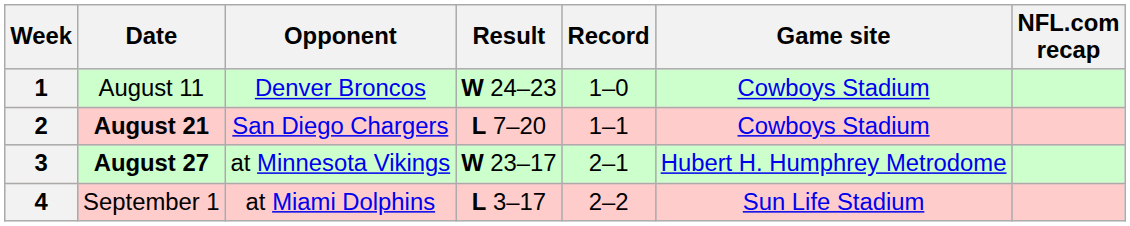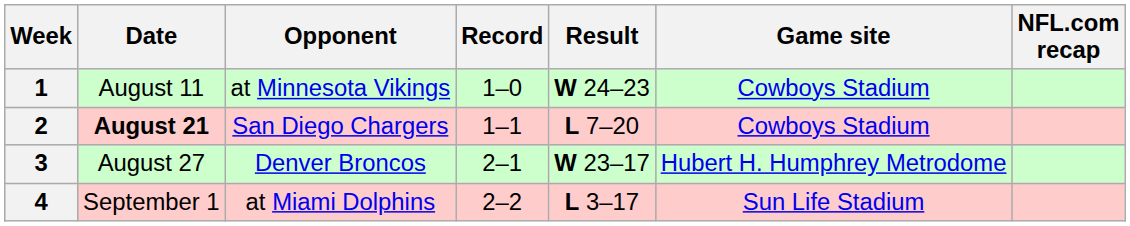 <table class="wikitable" "align=center">
 <tr>
 <th>Week</th>
 <th>Date</th>
 <th>Opponent</th>
+<th>Record</th>
 <th>Result</th>
-<th>Record</th>
 <th>Game site</th>
 <th>NFL.com<br>recap</th>
 </tr>
 <tr style="background:#cfc">
 <th>1</th>
 <td style="text-align:center;">August 11</td>
-<td style="text-align:center;"><a href='#'>Denver Broncos</a></td>
+<td style="text-align:center;">at <a href='#'>Minnesota Vikings</a></td>
+<td style="text-align:center;">1–0</td>
 <td style="text-align:center;"><strong>W</strong> 24–23</td>
-<td style="text-align:center;">1–0</td>
 <td style="text-align:center;"><a href='#'>Cowboys Stadium</a></td>
 <td style="text-align:center;"></td>
 </tr>
 <tr style="background:#ffcccc">
 <th>2</th>
 <td style="text-align:center;"><strong>August 21</strong></td>
 <td style="text-align:center;"><a href='#'>San Diego Chargers</a></td>
+<td style="text-align:center;">1–1</td>
 <td style="text-align:center;"><strong>L</strong> 7–20</td>
-<td style="text-align:center;">1–1</td>
 <td style="text-align:center;"><a href='#'>Cowboys Stadium</a></td>
 <td style="text-align:center;"></td>
 </tr>
 <tr style="background:#cfc">
 <th>3</th>
-<td style="text-align:center;"><strong>August 27</strong></td>
-<td style="text-align:center;">at <a href='#'>Minnesota Vikings</a></td>
+<td style="text-align:center;">August 27</td>
+<td style="text-align:center;"><a href='#'>Denver Broncos</a></td>
+<td style="text-align:center;">2–1</td>
 <td style="text-align:center;"><strong>W</strong> 23–17</td>
-<td style="text-align:center;">2–1</td>
 <td style="text-align:center;"><a href='#'>Hubert H. Humphrey Metrodome</a></td>
 <td style="text-align:center;"></td>
 </tr>
 <tr style="background:#ffcccc">
 <th>4</th>
 <td style="text-align:center;">September 1</td>
 <td style="text-align:center;">at <a href='#'>Miami Dolphins</a></td>
+<td style="text-align:center;">2–2</td>
 <td style="text-align:center;"><strong>L</strong> 3–17</td>
-<td style="text-align:center;">2–2</td>
 <td style="text-align:center;"><a href='#'>Sun Life Stadium</a></td>
 <td style="text-align:center;"></td>
 </tr>
 </table>
